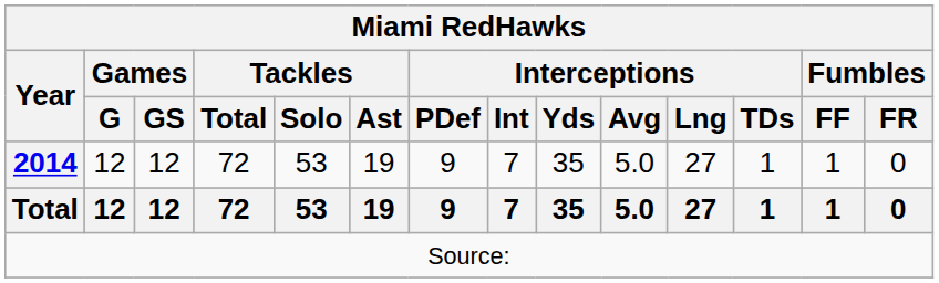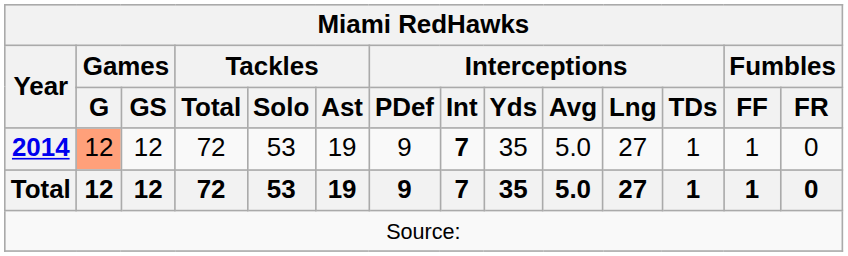 <table class="wikitable" style="text-align: center;">
 <tr>
 <th colspan="15"><strong>Miami RedHawks</strong></th>
 </tr>
 <tr>
 <th rowspan="2">Year</th>
 <th colspan="2">Games</th>
 <th colspan=3>Tackles</th>
 <th colspan=6>Interceptions</th>
 <th colspan=2>Fumbles</th>
 </tr>
 <tr>
 <th>G</th>
 <th>GS</th>
 <th>Total</th>
 <th>Solo</th>
 <th>Ast</th>
 <th>PDef</th>
 <th>Int</th>
 <th>Yds</th>
 <th>Avg</th>
 <th>Lng</th>
 <th>TDs</th>
 <th>FF</th>
 <th>FR</th>
 </tr>
 <tr>
 <th><a href='#'>2014</a></th>
-<td>12</td>
+<td style="background: lightsalmon;">12</td>
 <td>12</td>
 <td>72</td>
 <td>53</td>
 <td>19</td>
 <td>9</td>
-<td>7</td>
+<td><strong>7</strong></td>
 <td>35</td>
 <td>5.0</td>
 <td>27</td>
 <td>1</td>
 <td>1</td>
 <td>0</td>
 </tr>
 <tr>
 <th>Total</th>
 <th>12</th>
 <th>12</th>
 <th>72</th>
 <th>53</th>
 <th>19</th>
 <th>9</th>
 <th>7</th>
 <th>35</th>
 <th>5.0</th>
 <th>27</th>
 <th>1</th>
 <th>1</th>
 <th>0</th>
 </tr>
 <tr>
 <td colspan="15"><small>Source: </small></td>
 </tr>
 </table>
